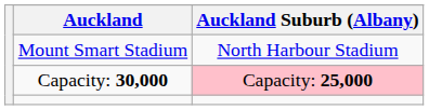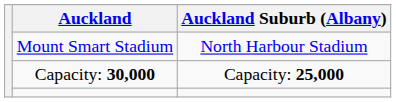 <table class="wikitable" style="text-align:center">
 <tr>
 <th rowspan="8"></th>
 </tr>
 <tr>
 <th><a href='#'>Auckland</a></th>
 <th><a href='#'>Auckland</a> Suburb (<a href='#'>Albany</a>)</th>
 </tr>
 <tr>
 <td><a href='#'>Mount Smart Stadium</a></td>
 <td><a href='#'>North Harbour Stadium</a></td>
 </tr>
 <tr>
 <td>Capacity: <strong>30,000</strong></td>
-<td style="background: pink;">Capacity: <strong>25,000</strong></td>
+<td>Capacity: <strong>25,000</strong></td>
 </tr>
 <tr>
 <td></td>
 <td></td>
 </tr>
 </table>
